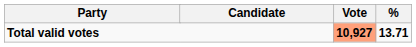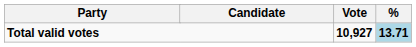 <table class="wikitable">
 <tr>
 <th bgcolor="#DDDDFF" width="230px" colspan="2">Party</th>
 <th bgcolor="#DDDDFF" width="200px">Candidate</th>
 <th bgcolor="#DDDDFF" width="50px">Vote</th>
 <th bgcolor="#DDDDFF" width="30px">%<br>  </th>
 </tr>
 <tr>
 <td colspan="3"><strong>Total valid votes</strong></td>
-<td style="background: lightsalmon;"><strong>10,927</strong></td>
-<td><strong>13.71</strong></td>
+<td><strong>10,927</strong></td>
+<td style="background: lightblue;"><strong>13.71</strong></td>
 </tr>
 </table>
